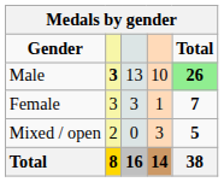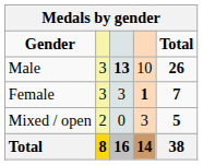 <table class="wikitable" style="text-align:center;font-size:90%">
 <tr style="background:#efefef;">
 <th colspan=7><strong>Medals by gender</strong></th>
 </tr>
 <tr>
 <td><strong>Gender</strong></td>
 <td bgcolor=#f7f6a8></td>
 <td bgcolor=#dce5e5></td>
 <td bgcolor=#ffdab9></td>
 <td><strong>Total</strong></td>
 </tr>
 <tr>
 <td style="text-align:left;">Male</td>
-<td style="background:#F7F6A8;"><strong>3</strong></td>
-<td style="background:#DCE5E5;">13</td>
+<td style="background:#F7F6A8;">3</td>
+<td style="background:#DCE5E5;"><strong>13</strong></td>
 <td style="background:#FFDAB9;">10</td>
-<td style="background: lightgreen;"><strong>26</strong></td>
+<td><strong>26</strong></td>
 </tr>
 <tr>
 <td style="text-align:left;">Female</td>
 <td style="background:#F7F6A8;">3</td>
 <td style="background:#DCE5E5;">3</td>
-<td style="background:#FFDAB9;">1</td>
+<td style="background:#FFDAB9;"><strong>1</strong></td>
 <td><strong>7</strong></td>
 </tr>
 <tr>
 <td style="text-align:left;">Mixed / open</td>
 <td style="background:#F7F6A8;">2</td>
 <td style="background:#DCE5E5;">0</td>
 <td style="background:#FFDAB9;">3</td>
 <td><strong>5</strong></td>
 </tr>
 <tr>
 <th style="text-align:left;"><strong>Total</strong></th>
 <th style="background:gold;"><strong>8</strong></th>
 <th style="background:silver;"><strong>16</strong></th>
 <th style="background:#c96;"><strong>14</strong></th>
 <th><strong>38</strong></th>
 </tr>
 </table>
